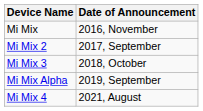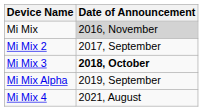 <table class="wikitable">
 <tr>
 <th>Device Name</th>
 <th>Date of Announcement</th>
 </tr>
 <tr>
 <td>Mi Mix</td>
-<td>2016, November</td>
+<td style="background: lightgrey;">2016, November</td>
 </tr>
 <tr>
 <td><a href='#'>Mi Mix 2</a></td>
 <td>2017, September</td>
 </tr>
 <tr>
 <td><a href='#'>Mi Mix 3</a></td>
-<td>2018, October</td>
+<td><strong>2018, October</strong></td>
 </tr>
 <tr>
 <td><a href='#'>Mi Mix Alpha</a></td>
 <td>2019, September</td>
 </tr>
 <tr>
 <td><a href='#'>Mi Mix 4</a></td>
 <td>2021, August</td>
 </tr>
 </table>
